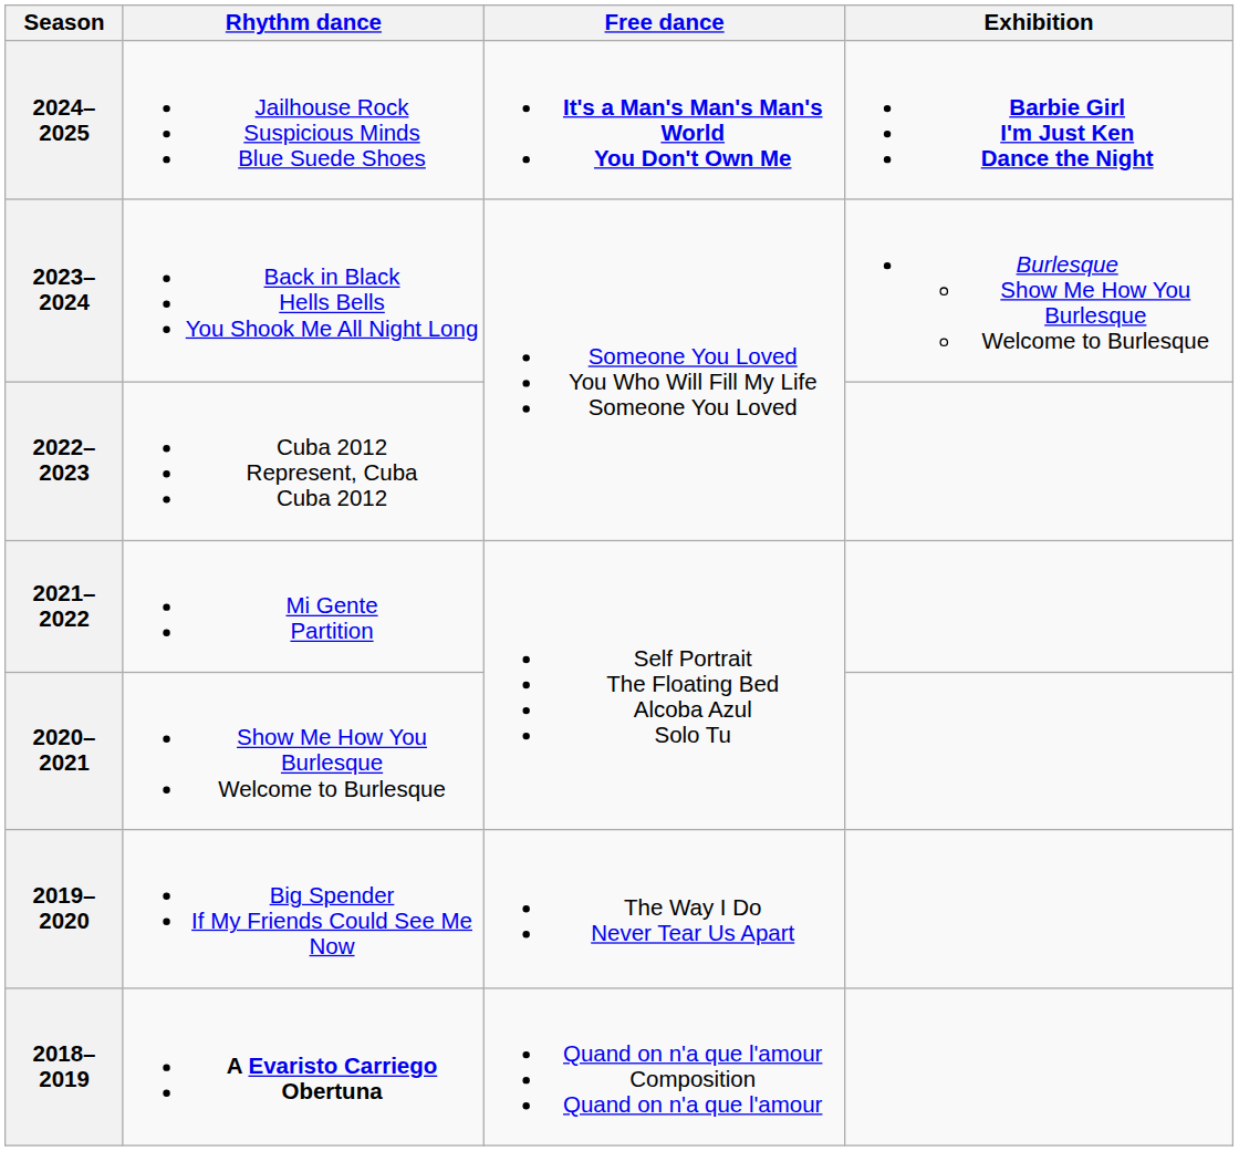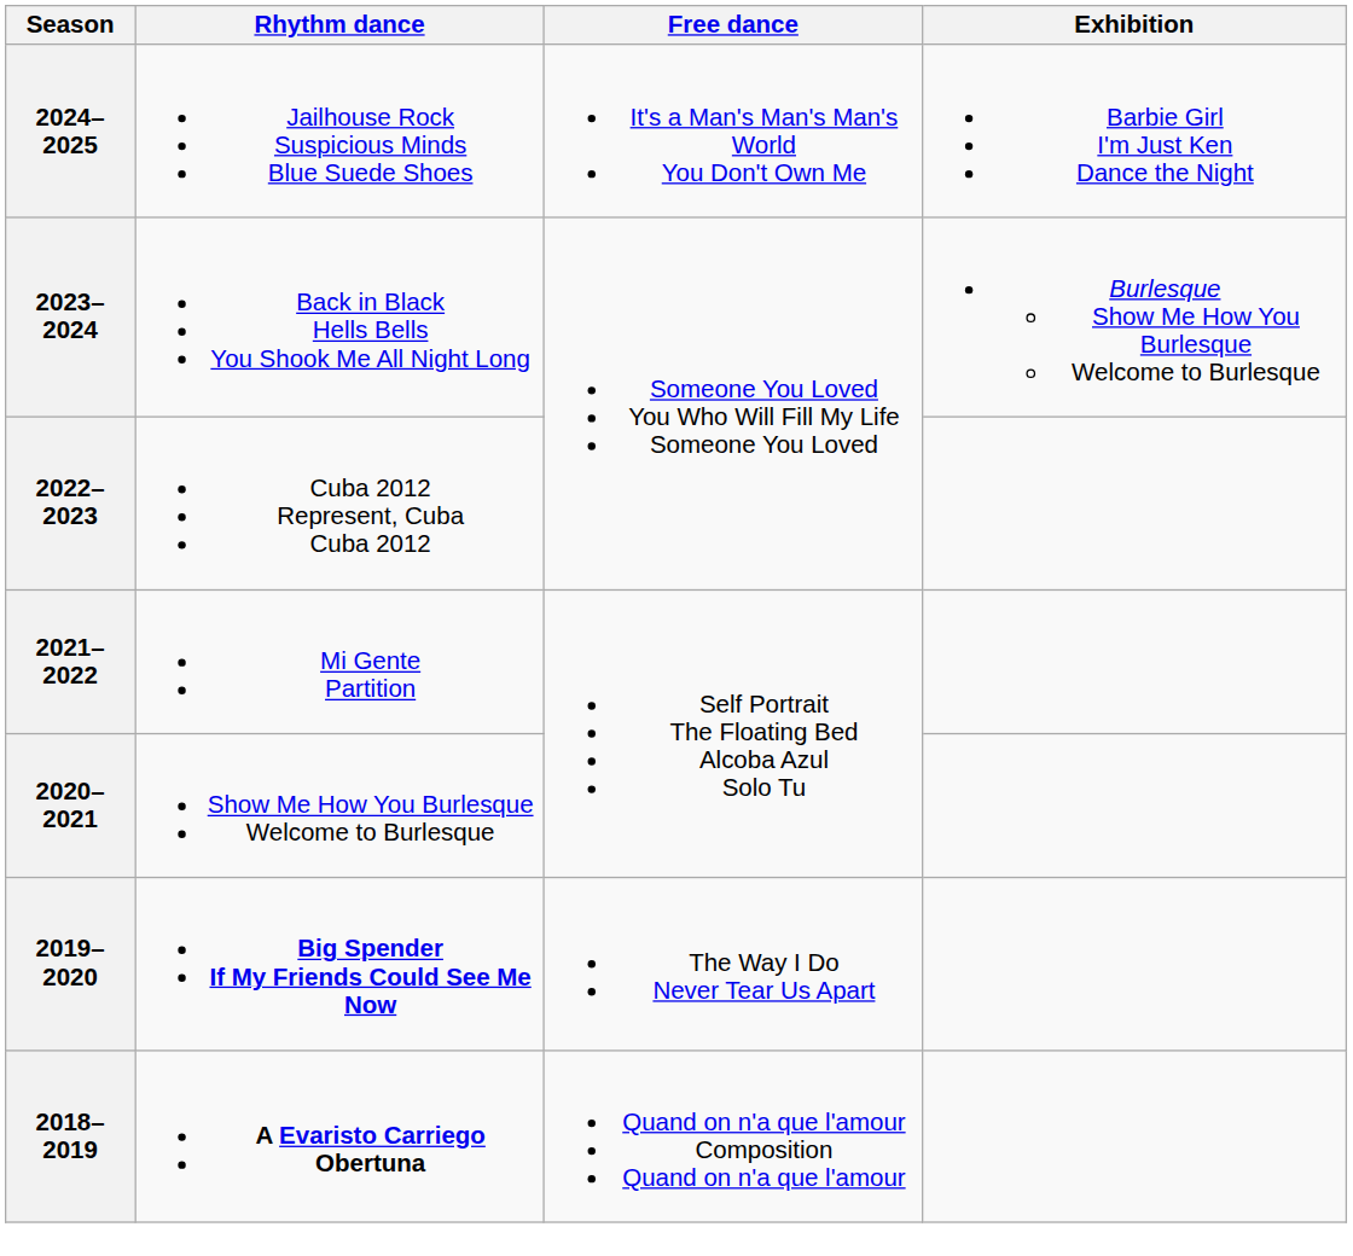 <table class=wikitable style=text-align:center>
 <tr>
 <th>Season</th>
 <th><a href='#'>Rhythm dance</a></th>
 <th><a href='#'>Free dance</a></th>
 <th>Exhibition</th>
 </tr>
 <tr>
 <th>2024–2025<br></th>
 <td><br><ul><li><a href='#'>Jailhouse Rock</a></li><li><a href='#'>Suspicious Minds</a></li><li><a href='#'>Blue Suede Shoes</a> <br> </li></ul></td>
-<td><strong><br><ul><li><a href='#'>It's a Man's Man's Man's World</a> <br></li><li><a href='#'>You Don't Own Me</a> <br></li></ul></strong></td>
-<td><strong><br><ul><li><a href='#'>Barbie Girl</a> <br> </li><li><a href='#'>I'm Just Ken</a> <br> </li><li><a href='#'>Dance the Night</a> <br></li></ul></strong></td>
+<td><br><ul><li><a href='#'>It's a Man's Man's Man's World</a> <br></li><li><a href='#'>You Don't Own Me</a> <br></li></ul></td>
+<td><br><ul><li><a href='#'>Barbie Girl</a> <br> </li><li><a href='#'>I'm Just Ken</a> <br> </li><li><a href='#'>Dance the Night</a> <br></li></ul></td>
 </tr>
 <tr>
 <th>2023–2024<br></th>
 <td><br><ul><li><a href='#'>Back in Black</a></li><li><a href='#'>Hells Bells</a></li><li><a href='#'>You Shook Me All Night Long</a> <br> </li></ul></td>
 <td rowspan=2><br><ul><li><a href='#'>Someone You Loved</a> <br></li><li>You Who Will Fill My Life <br></li><li>Someone You Loved <br></li></ul></td>
 <td><br><ul><li><em><a href='#'>Burlesque</a></em><ul><li><a href='#'>Show Me How You Burlesque</a><br></li><li>Welcome to Burlesque<br></li></ul></li></ul></td>
 </tr>
 <tr>
 <th>2022–2023<br></th>
 <td><br><ul><li> Cuba 2012<br></li><li> Represent, Cuba<br></li><li> Cuba 2012<br></li></ul></td>
 <td></td>
 </tr>
 <tr>
 <th>2021–2022<br></th>
 <td><br><ul><li> <a href='#'>Mi Gente</a><br></li><li> <a href='#'>Partition</a><br></li></ul></td>
 <td rowspan=2><br><ul><li>Self Portrait</li><li>The Floating Bed</li><li>Alcoba Azul</li><li>Solo Tu <br></li></ul></td>
 <td></td>
 </tr>
 <tr>
 <th>2020–2021<br></th>
 <td><br><ul><li> <a href='#'>Show Me How You Burlesque</a><br></li><li>Welcome to Burlesque<br></li></ul></td>
 <td></td>
 </tr>
 <tr>
 <th>2019–2020<br></th>
-<td><br><ul><li><a href='#'>Big Spender</a></li><li><a href='#'>If My Friends Could See Me Now</a><br></li></ul></td>
+<td><strong><br><ul><li><a href='#'>Big Spender</a></li><li><a href='#'>If My Friends Could See Me Now</a><br></li></ul></strong></td>
 <td><br><ul><li>The Way I Do<br></li><li><a href='#'>Never Tear Us Apart</a><br></li></ul></td>
 <td></td>
 </tr>
 <tr>
 <th>2018–2019<br></th>
 <td><strong><br><ul><li> A <a href='#'>Evaristo Carriego</a><br></li><li> Obertuna<br></li></ul></strong></td>
 <td><br><ul><li><a href='#'>Quand on n'a que l'amour</a><br></li><li>Composition<br></li><li><a href='#'>Quand on n'a que l'amour</a><br></li></ul></td>
 <td></td>
 </tr>
 </table>
